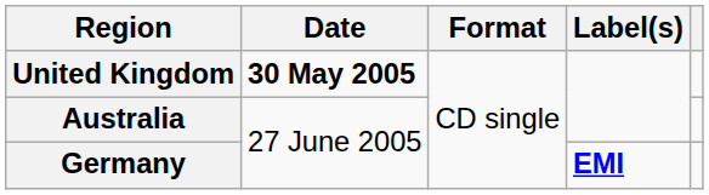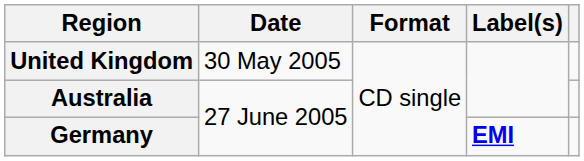 <table class="wikitable plainrowheaders">
 <tr>
 <th scope="col">Region</th>
 <th scope="col">Date</th>
 <th scope="col">Format</th>
 <th scope="col">Label(s)</th>
 <th scope="col"></th>
 </tr>
 <tr>
 <th scope="row">United Kingdom</th>
-<td><strong>30 May 2005</strong></td>
+<td>30 May 2005</td>
 <td rowspan="3">CD single</td>
 <td rowspan="2"></td>
 <td align="center"></td>
 </tr>
 <tr>
 <th scope="row">Australia</th>
 <td rowspan="2">27 June 2005</td>
 <td align="center"></td>
 </tr>
 <tr>
 <th scope="row">Germany</th>
 <td><strong><a href='#'>EMI</a></strong></td>
 <td align="center"></td>
 </tr>
 </table>
